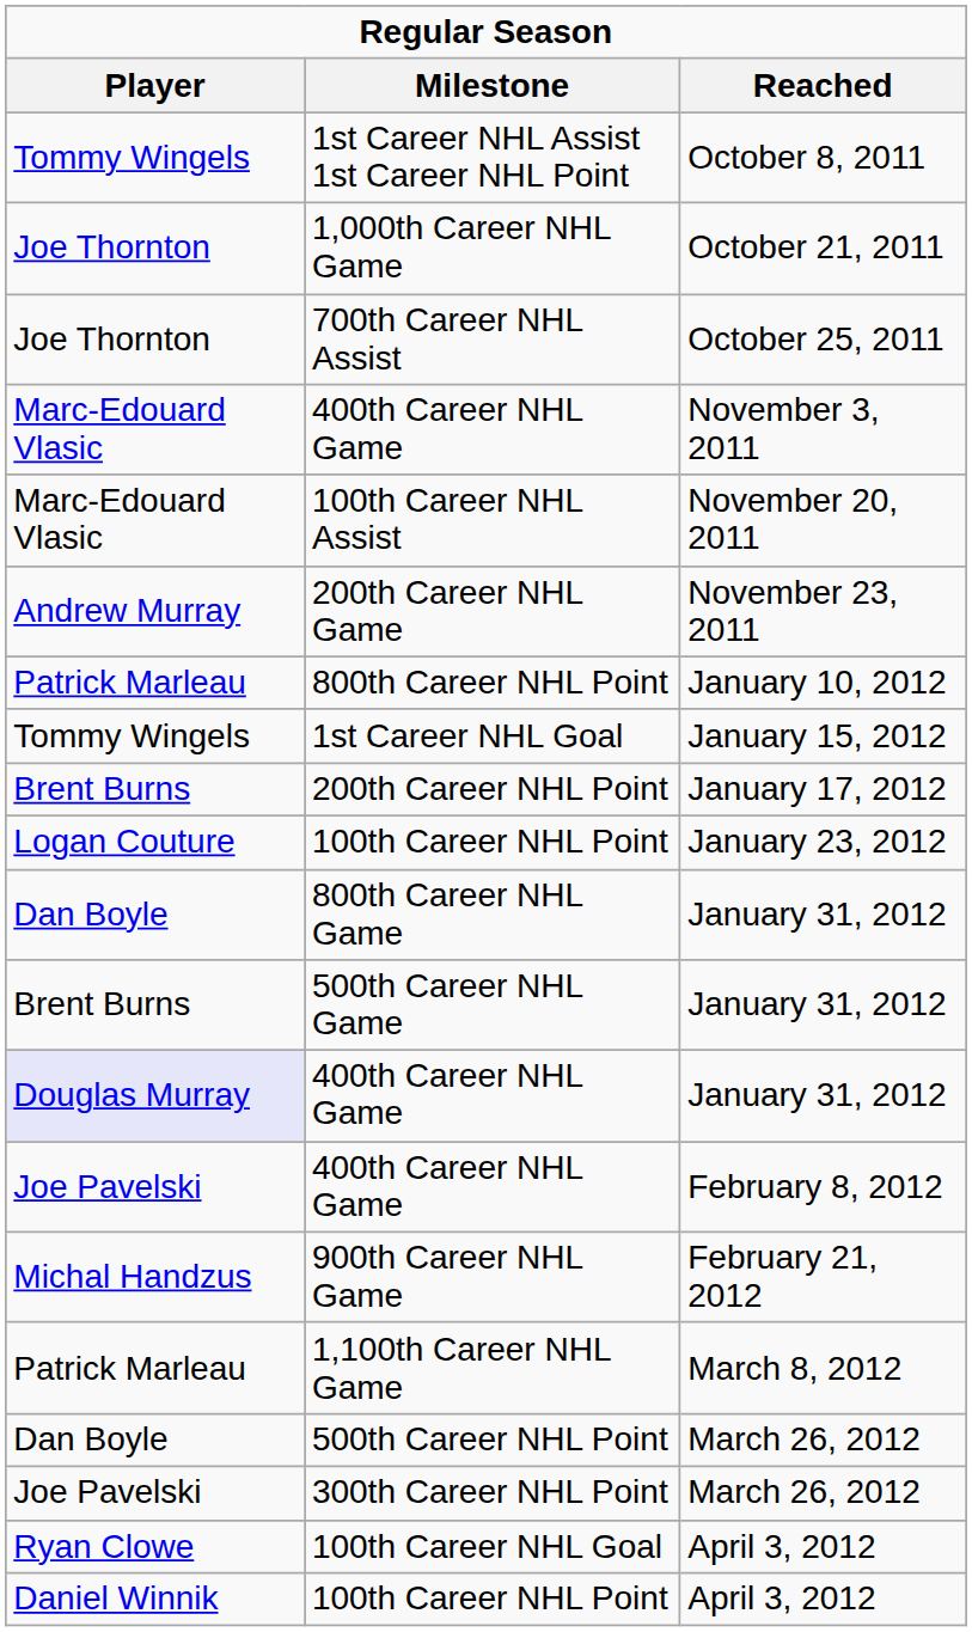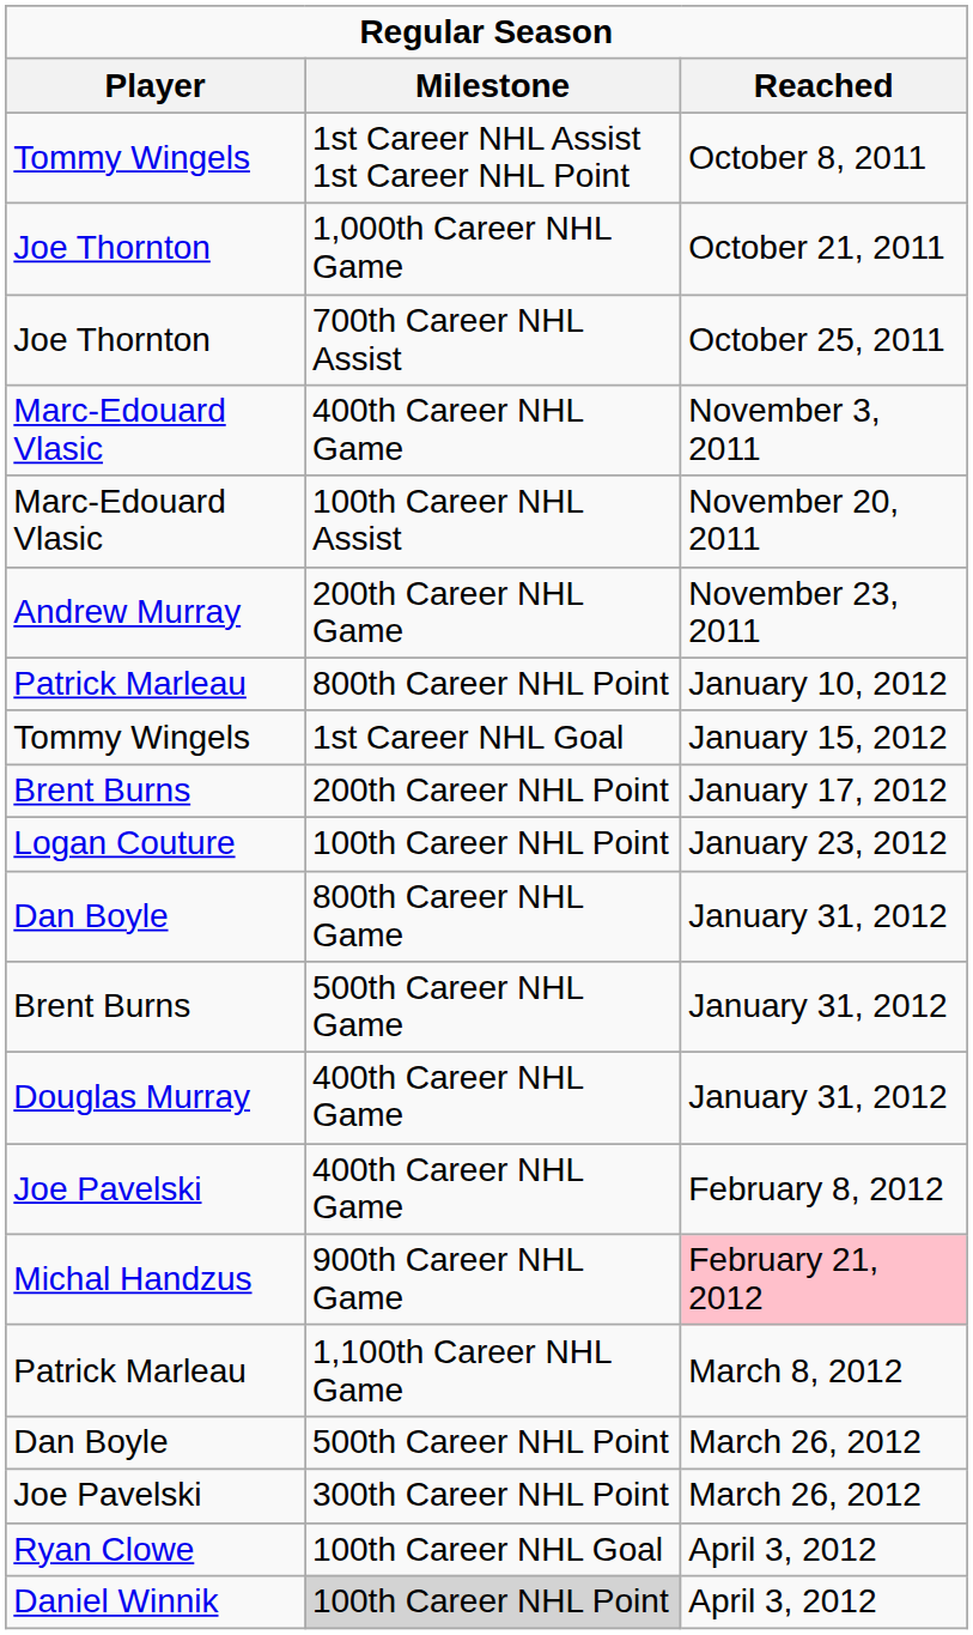 <table class="wikitable" width="52%">
 <tr>
 <td colspan="10" align="center"><strong>Regular Season</strong></td>
 </tr>
 <tr>
 <th>Player</th>
 <th>Milestone</th>
 <th>Reached</th>
 </tr>
 <tr>
 <td><a href='#'>Tommy Wingels</a></td>
 <td>1st Career NHL Assist<br>1st Career NHL Point</td>
 <td>October 8, 2011</td>
 </tr>
 <tr>
 <td><a href='#'>Joe Thornton</a></td>
 <td>1,000th Career NHL Game</td>
 <td>October 21, 2011</td>
 </tr>
 <tr>
 <td>Joe Thornton</td>
 <td>700th Career NHL Assist</td>
 <td>October 25, 2011</td>
 </tr>
 <tr>
 <td><a href='#'>Marc-Edouard Vlasic</a></td>
 <td>400th Career NHL Game</td>
 <td>November 3, 2011</td>
 </tr>
 <tr>
 <td>Marc-Edouard Vlasic</td>
 <td>100th Career NHL Assist</td>
 <td>November 20, 2011</td>
 </tr>
 <tr>
 <td><a href='#'>Andrew Murray</a></td>
 <td>200th Career NHL Game</td>
 <td>November 23, 2011</td>
 </tr>
 <tr>
 <td><a href='#'>Patrick Marleau</a></td>
 <td>800th Career NHL Point</td>
 <td>January 10, 2012</td>
 </tr>
 <tr>
 <td>Tommy Wingels</td>
 <td>1st Career NHL Goal</td>
 <td>January 15, 2012</td>
 </tr>
 <tr>
 <td><a href='#'>Brent Burns</a></td>
 <td>200th Career NHL Point</td>
 <td>January 17, 2012</td>
 </tr>
 <tr>
 <td><a href='#'>Logan Couture</a></td>
 <td>100th Career NHL Point</td>
 <td>January 23, 2012</td>
 </tr>
 <tr>
 <td><a href='#'>Dan Boyle</a></td>
 <td>800th Career NHL Game</td>
 <td>January 31, 2012</td>
 </tr>
 <tr>
 <td>Brent Burns</td>
 <td>500th Career NHL Game</td>
 <td>January 31, 2012</td>
 </tr>
 <tr>
-<td style="background: lavender;"><a href='#'>Douglas Murray</a></td>
+<td><a href='#'>Douglas Murray</a></td>
 <td>400th Career NHL Game</td>
 <td>January 31, 2012</td>
 </tr>
 <tr>
 <td><a href='#'>Joe Pavelski</a></td>
 <td>400th Career NHL Game</td>
 <td>February 8, 2012</td>
 </tr>
 <tr>
 <td><a href='#'>Michal Handzus</a></td>
 <td>900th Career NHL Game</td>
-<td>February 21, 2012</td>
+<td style="background: pink;">February 21, 2012</td>
 </tr>
 <tr>
 <td>Patrick Marleau</td>
 <td>1,100th Career NHL Game</td>
 <td>March 8, 2012</td>
 </tr>
 <tr>
 <td>Dan Boyle</td>
 <td>500th Career NHL Point</td>
 <td>March 26, 2012</td>
 </tr>
 <tr>
 <td>Joe Pavelski</td>
 <td>300th Career NHL Point</td>
 <td>March 26, 2012</td>
 </tr>
 <tr>
 <td><a href='#'>Ryan Clowe</a></td>
 <td>100th Career NHL Goal</td>
 <td>April 3, 2012</td>
 </tr>
 <tr>
 <td><a href='#'>Daniel Winnik</a></td>
-<td>100th Career NHL Point</td>
+<td style="background: lightgrey;">100th Career NHL Point</td>
 <td>April 3, 2012</td>
 </tr>
 </table>
